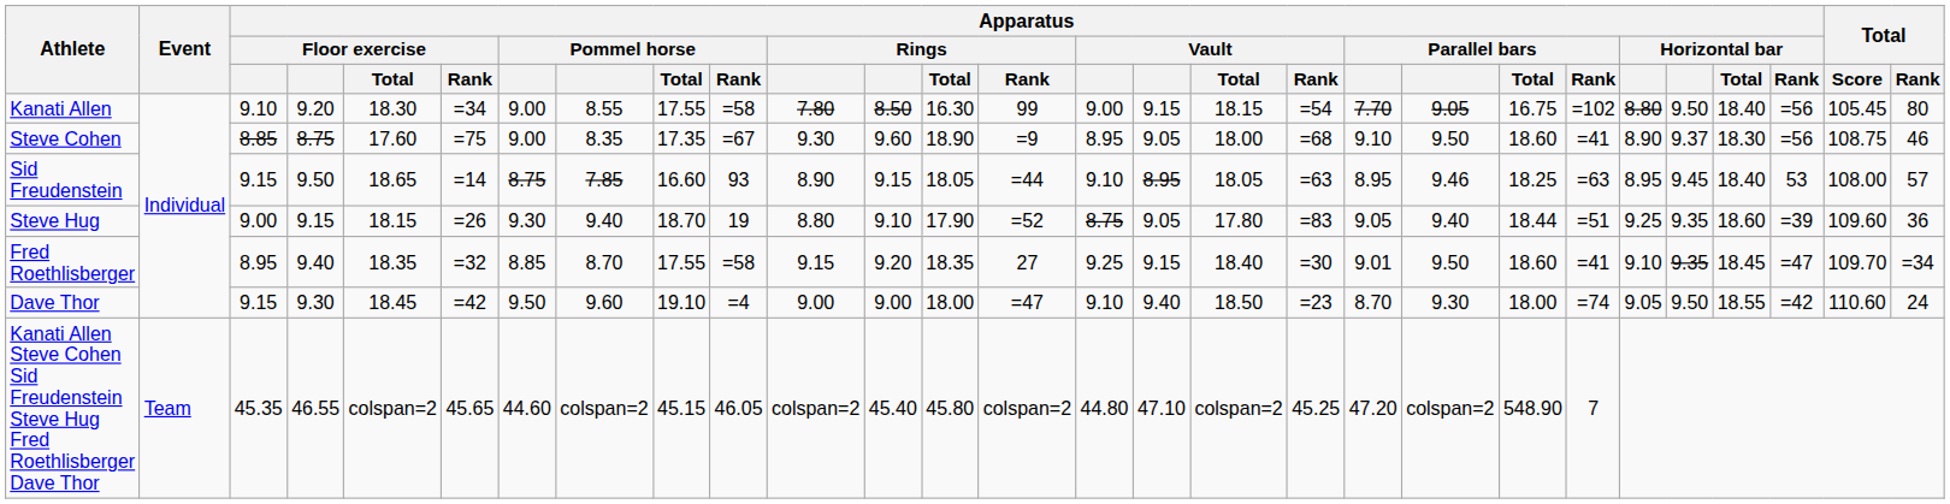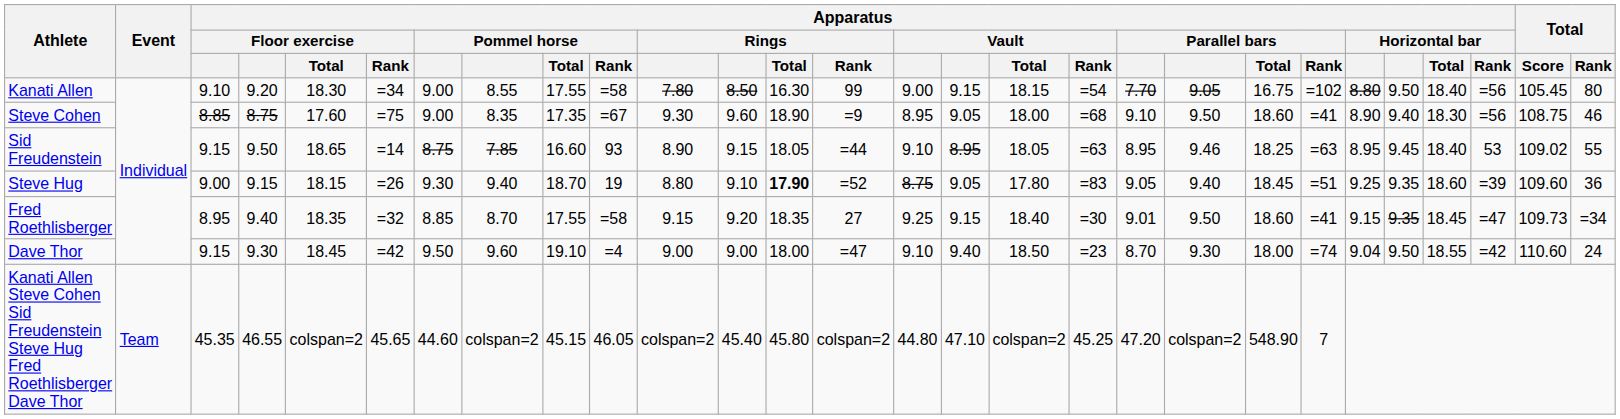 <table class=wikitable style=font-size:90%;text-align:center>
 <tr>
 <th rowspan=3>Athlete</th>
 <th rowspan=3>Event</th>
 <th colspan=24>Apparatus</th>
 <th colspan=2 rowspan=2>Total</th>
 </tr>
 <tr style=font-size:95%>
 <th colspan=4>Floor exercise</th>
 <th colspan=4>Pommel horse</th>
 <th colspan=4>Rings</th>
 <th colspan=4>Vault</th>
 <th colspan=4>Parallel bars</th>
 <th colspan=4>Horizontal bar</th>
 </tr>
 <tr style=font-size:95%>
 <th></th>
 <th></th>
 <th>Total</th>
 <th>Rank</th>
 <th></th>
 <th></th>
 <th>Total</th>
 <th>Rank</th>
 <th></th>
 <th></th>
 <th>Total</th>
 <th>Rank</th>
 <th></th>
 <th></th>
 <th>Total</th>
 <th>Rank</th>
 <th></th>
 <th></th>
 <th>Total</th>
 <th>Rank</th>
 <th></th>
 <th></th>
 <th>Total</th>
 <th>Rank</th>
 <th>Score</th>
 <th>Rank</th>
 </tr>
 <tr>
 <td align=left><a href='#'>Kanati Allen</a></td>
 <td align=left rowspan=6><a href='#'>Individual</a></td>
 <td>9.10</td>
 <td>9.20</td>
 <td>18.30</td>
 <td>=34</td>
 <td>9.00</td>
 <td>8.55</td>
 <td>17.55</td>
 <td>=58</td>
 <td><s>7.80</s></td>
 <td><s>8.50</s></td>
 <td>16.30</td>
 <td>99</td>
 <td>9.00</td>
 <td>9.15</td>
 <td>18.15</td>
 <td>=54</td>
 <td><s>7.70</s></td>
 <td><s>9.05</s></td>
 <td>16.75</td>
 <td>=102</td>
 <td><s>8.80</s></td>
 <td>9.50</td>
 <td>18.40</td>
 <td>=56</td>
 <td>105.45</td>
 <td>80</td>
 </tr>
 <tr>
 <td align=left><a href='#'>Steve Cohen</a></td>
 <td><s>8.85</s></td>
 <td><s>8.75</s></td>
 <td>17.60</td>
 <td>=75</td>
 <td>9.00</td>
 <td>8.35</td>
 <td>17.35</td>
 <td>=67</td>
 <td>9.30</td>
 <td>9.60</td>
 <td>18.90</td>
 <td>=9</td>
 <td>8.95</td>
 <td>9.05</td>
 <td>18.00</td>
 <td>=68</td>
 <td>9.10</td>
 <td>9.50</td>
 <td>18.60</td>
 <td>=41</td>
 <td>8.90</td>
-<td>9.37</td>
+<td>9.40</td>
 <td>18.30</td>
 <td>=56</td>
 <td>108.75</td>
 <td>46</td>
 </tr>
 <tr>
 <td align=left><a href='#'>Sid Freudenstein</a></td>
 <td>9.15</td>
 <td>9.50</td>
 <td>18.65</td>
 <td>=14</td>
 <td><s>8.75</s></td>
 <td><s>7.85</s></td>
 <td>16.60</td>
 <td>93</td>
 <td>8.90</td>
 <td>9.15</td>
 <td>18.05</td>
 <td>=44</td>
 <td>9.10</td>
 <td><s>8.95</s></td>
 <td>18.05</td>
 <td>=63</td>
 <td>8.95</td>
 <td>9.46</td>
 <td>18.25</td>
 <td>=63</td>
 <td>8.95</td>
 <td>9.45</td>
 <td>18.40</td>
 <td>53</td>
-<td>108.00</td>
-<td>57</td>
+<td>109.02</td>
+<td>55</td>
 </tr>
 <tr>
 <td align=left><a href='#'>Steve Hug</a></td>
 <td>9.00</td>
 <td>9.15</td>
 <td>18.15</td>
 <td>=26</td>
 <td>9.30</td>
 <td>9.40</td>
 <td>18.70</td>
 <td>19</td>
 <td>8.80</td>
 <td>9.10</td>
-<td>17.90</td>
+<td><strong>17.90</strong></td>
 <td>=52</td>
 <td><s>8.75</s></td>
 <td>9.05</td>
 <td>17.80</td>
 <td>=83</td>
 <td>9.05</td>
 <td>9.40</td>
-<td>18.44</td>
+<td>18.45</td>
 <td>=51</td>
 <td>9.25</td>
 <td>9.35</td>
 <td>18.60</td>
 <td>=39</td>
 <td>109.60</td>
 <td>36</td>
 </tr>
 <tr>
 <td align=left><a href='#'>Fred Roethlisberger</a></td>
 <td>8.95</td>
 <td>9.40</td>
 <td>18.35</td>
 <td>=32</td>
 <td>8.85</td>
 <td>8.70</td>
 <td>17.55</td>
 <td>=58</td>
 <td>9.15</td>
 <td>9.20</td>
 <td>18.35</td>
 <td>27</td>
 <td>9.25</td>
 <td>9.15</td>
 <td>18.40</td>
 <td>=30</td>
 <td>9.01</td>
 <td>9.50</td>
 <td>18.60</td>
 <td>=41</td>
-<td>9.10</td>
+<td>9.15</td>
 <td><s>9.35</s></td>
 <td>18.45</td>
 <td>=47</td>
-<td>109.70</td>
+<td>109.73</td>
 <td>=34</td>
 </tr>
 <tr>
 <td align=left><a href='#'>Dave Thor</a></td>
 <td>9.15</td>
 <td>9.30</td>
 <td>18.45</td>
 <td>=42</td>
 <td>9.50</td>
 <td>9.60</td>
 <td>19.10</td>
 <td>=4</td>
 <td>9.00</td>
 <td>9.00</td>
 <td>18.00</td>
 <td>=47</td>
 <td>9.10</td>
 <td>9.40</td>
 <td>18.50</td>
 <td>=23</td>
 <td>8.70</td>
 <td>9.30</td>
 <td>18.00</td>
 <td>=74</td>
-<td>9.05</td>
+<td>9.04</td>
 <td>9.50</td>
 <td>18.55</td>
 <td>=42</td>
 <td>110.60</td>
 <td>24</td>
 </tr>
 <tr>
 <td align=left><a href='#'>Kanati Allen</a><br><a href='#'>Steve Cohen</a><br><a href='#'>Sid Freudenstein</a><br><a href='#'>Steve Hug</a><br><a href='#'>Fred Roethlisberger</a><br><a href='#'>Dave Thor</a></td>
 <td align=left><a href='#'>Team</a></td>
 <td>45.35</td>
 <td>46.55</td>
 <td>colspan=2 </td>
 <td>45.65</td>
 <td>44.60</td>
 <td>colspan=2 </td>
 <td>45.15</td>
 <td>46.05</td>
 <td>colspan=2 </td>
 <td>45.40</td>
 <td>45.80</td>
 <td>colspan=2 </td>
 <td>44.80</td>
 <td>47.10</td>
 <td>colspan=2 </td>
 <td>45.25</td>
 <td>47.20</td>
 <td>colspan=2 </td>
 <td>548.90</td>
 <td>7</td>
 </tr>
 </table>
